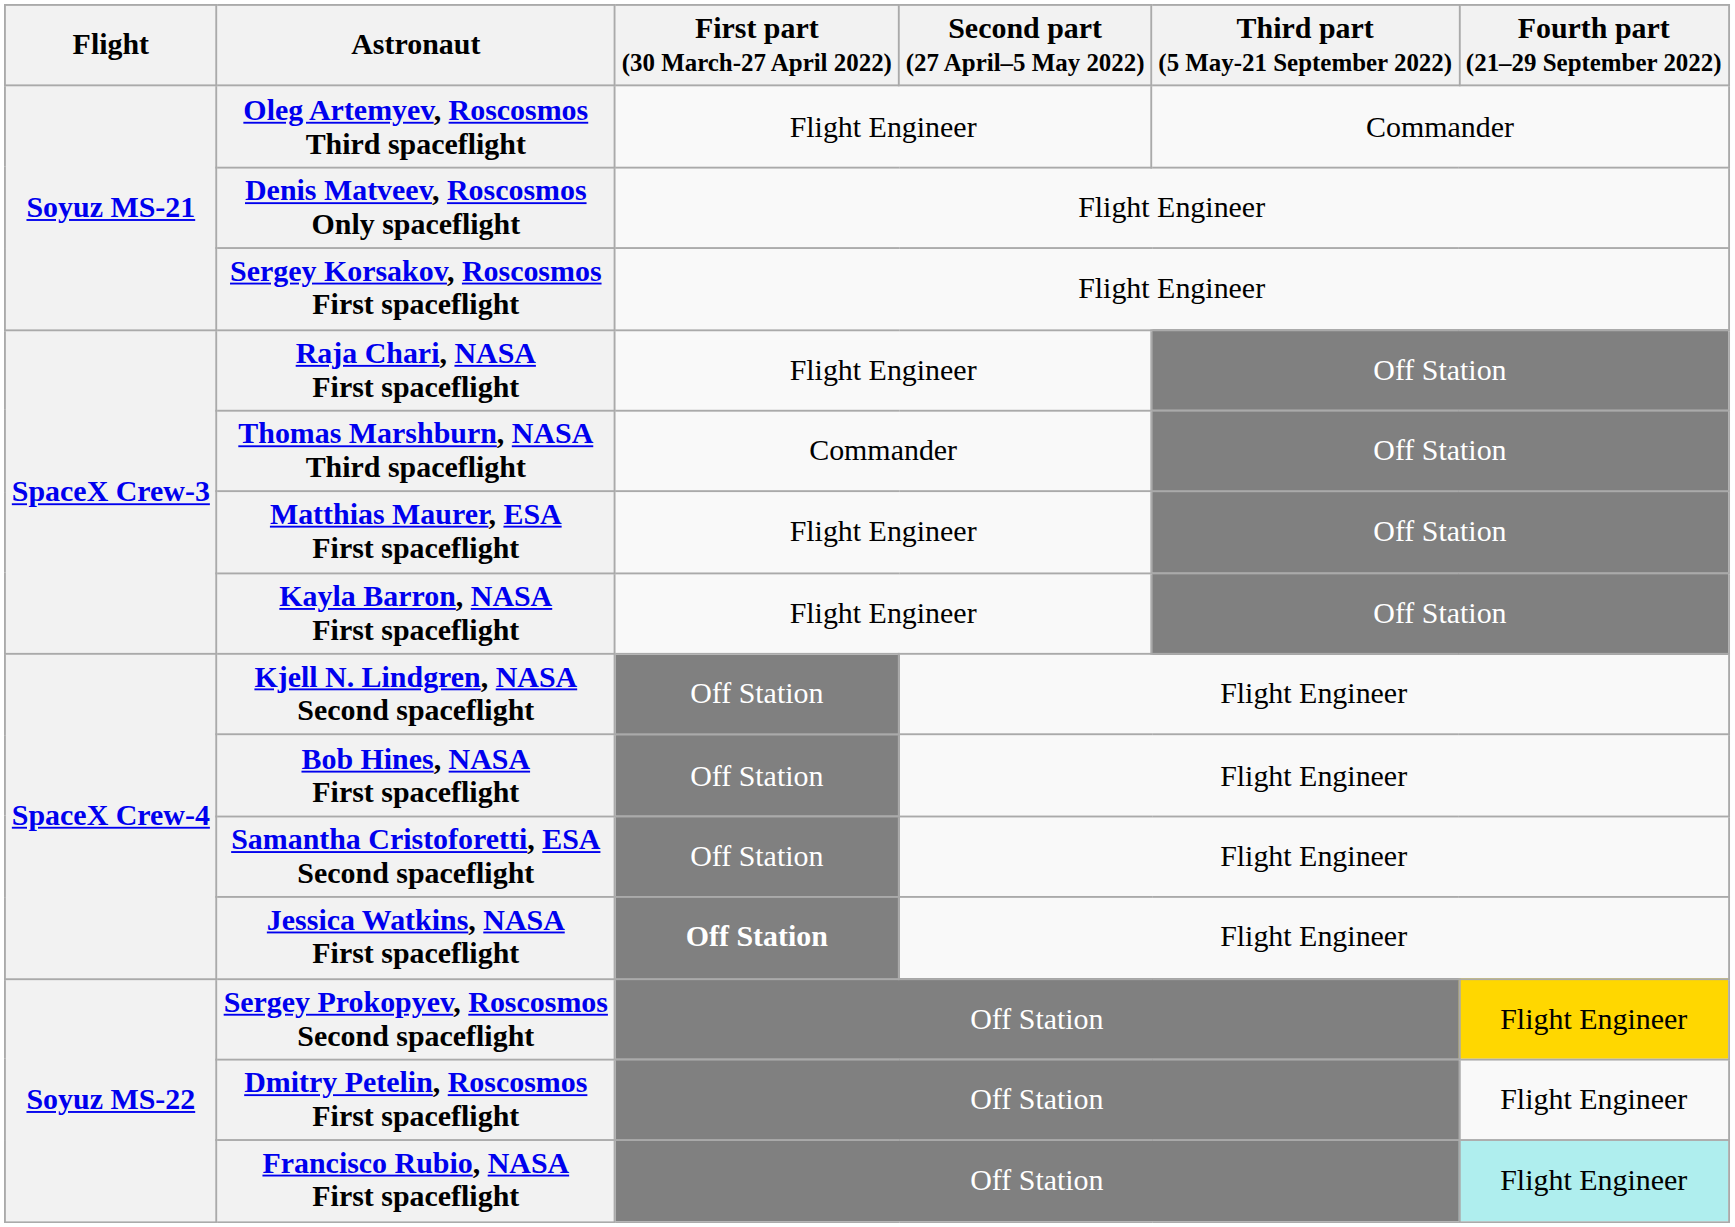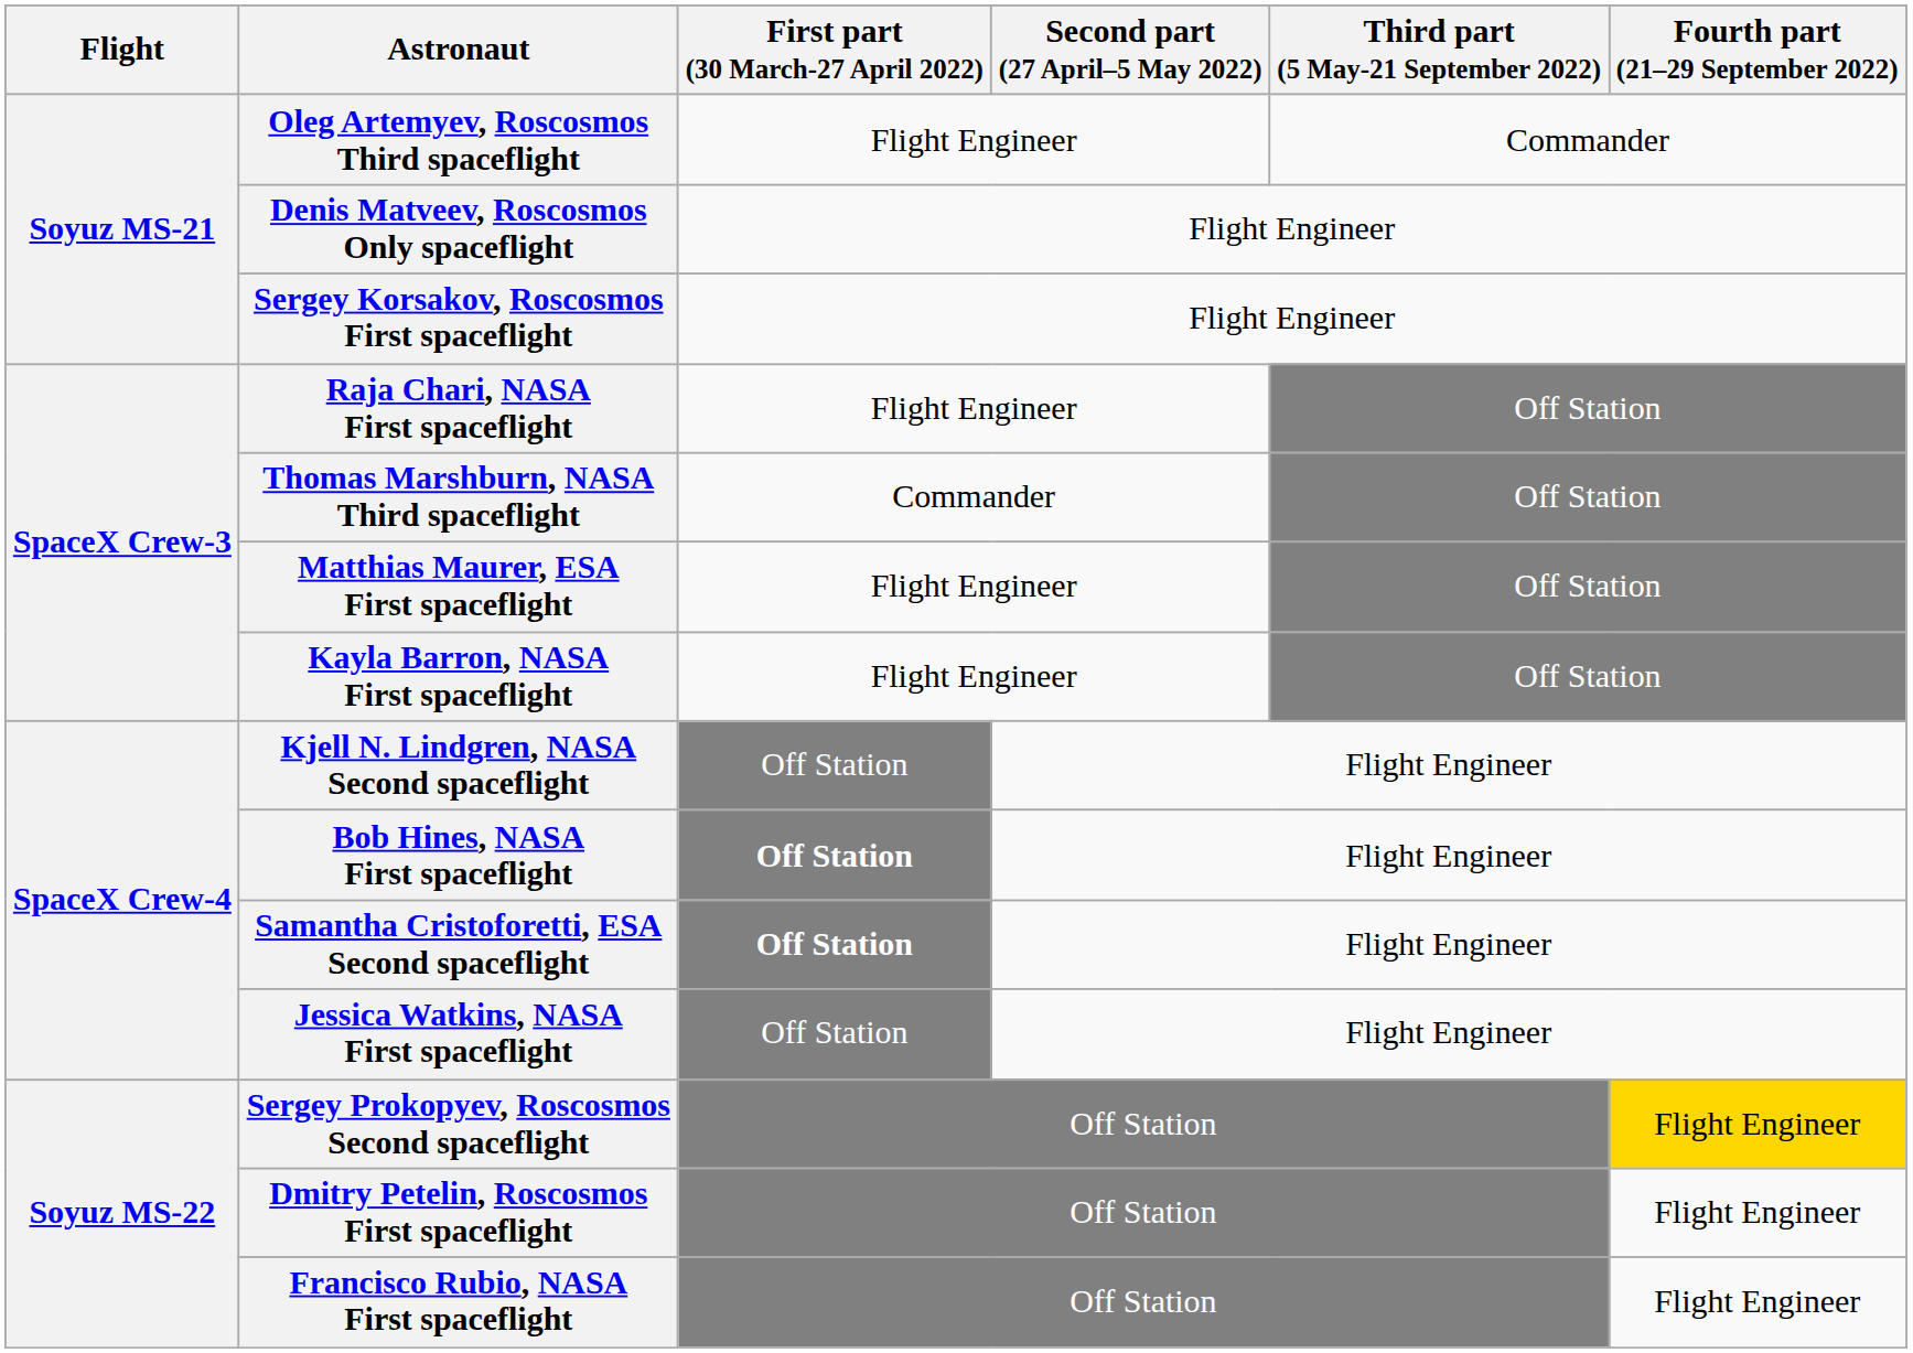 <table class="wikitable"style="text-align:center">
 <tr>
 <th>Flight</th>
 <th>Astronaut</th>
 <th>First part <br> <small>(30 March-27 April 2022)</small></th>
 <th>Second part <br> <small>(27 April–5 May 2022)  </small></th>
 <th>Third part <br> <small>(5 May-21 September 2022) </small></th>
 <th>Fourth part <br> <small>(21–29 September 2022)</small></th>
 </tr>
 <tr>
 <th rowspan="3"><a href='#'>Soyuz MS-21</a></th>
 <th> <a href='#'>Oleg Artemyev</a>, <a href='#'>Roscosmos</a> <br> Third spaceflight</th>
 <td colspan="2">Flight Engineer</td>
 <td colspan="2">Commander</td>
 </tr>
 <tr>
 <th> <a href='#'>Denis Matveev</a>, <a href='#'>Roscosmos</a> <br> Only spaceflight</th>
 <td colspan="4">Flight Engineer</td>
 </tr>
 <tr>
 <th> <a href='#'>Sergey Korsakov</a>, <a href='#'>Roscosmos</a> <br> First spaceflight</th>
 <td colspan="4">Flight Engineer</td>
 </tr>
 <tr>
 <th rowspan="4"><a href='#'>SpaceX Crew-3</a></th>
 <th> <a href='#'>Raja Chari</a>, <a href='#'>NASA</a> <br> First spaceflight</th>
 <td colspan="2">Flight Engineer</td>
 <td style="background:grey; color:white;"colspan="2">Off Station</td>
 </tr>
 <tr>
 <th> <a href='#'>Thomas Marshburn</a>, <a href='#'>NASA</a><br> Third spaceflight</th>
 <td colspan="2">Commander</td>
 <td style="background:grey; color:white;"colspan="2">Off Station</td>
 </tr>
 <tr>
 <th> <a href='#'>Matthias Maurer</a>, <a href='#'>ESA</a> <br> First spaceflight</th>
 <td colspan="2">Flight Engineer</td>
 <td style="background:grey; color:white;"colspan="2">Off Station</td>
 </tr>
 <tr>
 <th> <a href='#'>Kayla Barron</a>, <a href='#'>NASA</a> <br> First spaceflight</th>
 <td colspan="2">Flight Engineer</td>
 <td style="background:grey; color:white;"colspan="2">Off Station</td>
 </tr>
 <tr>
 <th rowspan="4"><a href='#'>SpaceX Crew-4</a></th>
 <th> <a href='#'>Kjell N. Lindgren</a>, <a href='#'>NASA</a> <br> Second spaceflight</th>
 <td style="background:grey; color:white;"colspan="1">Off Station</td>
 <td colspan="3">Flight Engineer</td>
 </tr>
 <tr>
 <th> <a href='#'>Bob Hines</a>, <a href='#'>NASA</a> <br> First spaceflight</th>
-<td style="background:grey; color:white;"colspan="1">Off Station</td>
+<td style="background:grey; color:white;"colspan="1"><strong>Off Station</strong></td>
 <td colspan="3">Flight Engineer</td>
 </tr>
 <tr>
 <th> <a href='#'>Samantha Cristoforetti</a>, <a href='#'>ESA</a> <br> Second spaceflight</th>
-<td style="background:grey; color:white;"colspan="1">Off Station</td>
+<td style="background:grey; color:white;"colspan="1"><strong>Off Station</strong></td>
 <td colspan="3">Flight Engineer</td>
 </tr>
 <tr>
 <th> <a href='#'>Jessica Watkins</a>, <a href='#'>NASA</a> <br> First spaceflight</th>
-<td style="background:grey; color:white;"colspan="1"><strong>Off Station</strong></td>
+<td style="background:grey; color:white;"colspan="1">Off Station</td>
 <td colspan="3">Flight Engineer</td>
 </tr>
 <tr>
 <th rowspan="3"><a href='#'>Soyuz MS-22</a></th>
 <th> <a href='#'>Sergey Prokopyev</a>, <a href='#'>Roscosmos</a> <br> Second spaceflight</th>
 <td style="background:grey; color:white;"colspan="3">Off Station</td>
 <td colspan="1" style="background: gold;">Flight Engineer</td>
 </tr>
 <tr>
 <th> <a href='#'>Dmitry Petelin</a>, <a href='#'>Roscosmos</a> <br> First spaceflight</th>
 <td style="background:grey; color:white;"colspan="3">Off Station</td>
 <td colspan="1">Flight Engineer</td>
 </tr>
 <tr>
 <th> <a href='#'>Francisco Rubio</a>, <a href='#'>NASA</a> <br> First spaceflight</th>
 <td style="background:grey; color:white;"colspan="3">Off Station</td>
-<td colspan="1" style="background: paleturquoise;">Flight Engineer</td>
+<td colspan="1">Flight Engineer</td>
 </tr>
 </table>
